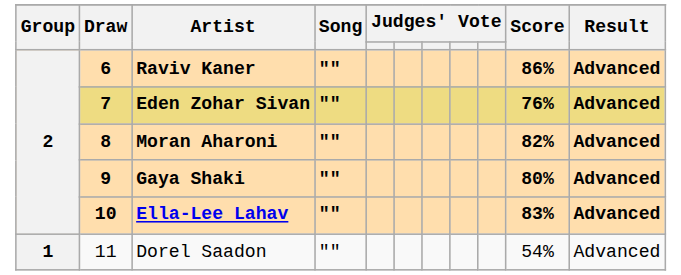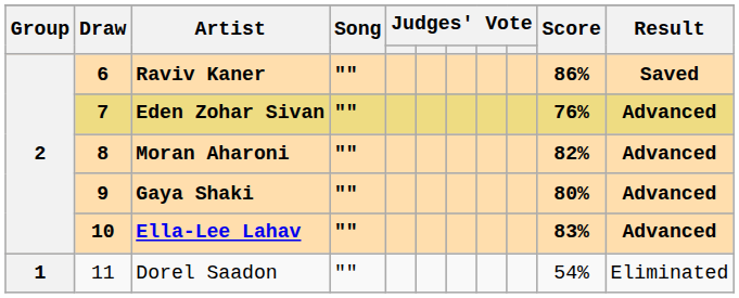 <table class="sortable wikitable" style="margin: 1em auto 1em auto; text-align:center; font-size:90%; line-height:18px;">
 <tr>
 </tr>
 <tr>
 <th rowspan="2" class="unsortable">Group</th>
 <th rowspan="2">Draw</th>
 <th rowspan="2">Artist</th>
 <th rowspan="2">Song</th>
 <th colspan="5" class="unsortable">Judges' Vote</th>
 <th rowspan="2">Score</th>
 <th rowspan="2">Result</th>
 </tr>
 <tr>
 <th class="unsortable"></th>
 <th class="unsortable"></th>
 <th class="unsortable"></th>
 <th class="unsortable"></th>
 <th class="unsortable"></th>
 </tr>
 <tr style="font-weight:bold; background:navajowhite;">
 <th rowspan="5">2</th>
 <td>6</td>
 <td align="left">Raviv Kaner</td>
 <td align="left">""</td>
 <td></td>
 <td></td>
 <td></td>
 <td></td>
 <td></td>
 <td>86%</td>
-<td>Advanced</td>
+<td>Saved</td>
 </tr>
 <tr style="font-weight:bold; background:#eedc82;">
 <td>7</td>
 <td align="left">Eden Zohar Sivan</td>
 <td align="left">""</td>
 <td></td>
 <td></td>
 <td></td>
 <td></td>
 <td></td>
 <td>76%</td>
 <td>Advanced</td>
 </tr>
 <tr style="font-weight:bold; background:navajowhite;">
 <td>8</td>
 <td align="left">Moran Aharoni</td>
 <td align="left">""</td>
 <td></td>
 <td></td>
 <td></td>
 <td></td>
 <td></td>
 <td>82%</td>
 <td>Advanced</td>
 </tr>
 <tr style="font-weight:bold; background:navajowhite;">
 <td>9</td>
 <td align="left">Gaya Shaki</td>
 <td align="left">""</td>
 <td></td>
 <td></td>
 <td></td>
 <td></td>
 <td></td>
 <td>80%</td>
 <td>Advanced</td>
 </tr>
 <tr style="font-weight:bold; background:navajowhite;">
 <td>10</td>
 <td align="left"><a href='#'>Ella-Lee Lahav</a></td>
 <td align="left">""</td>
 <td></td>
 <td></td>
 <td></td>
 <td></td>
 <td></td>
 <td>83%</td>
 <td>Advanced</td>
 </tr>
 <tr>
 <th>1</th>
 <td>11</td>
 <td align="left">Dorel Saadon</td>
 <td align="left">""</td>
 <td></td>
 <td></td>
 <td></td>
 <td></td>
 <td></td>
 <td>54%</td>
-<td>Advanced</td>
+<td>Eliminated</td>
 </tr>
 </table>
